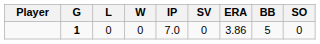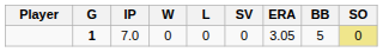 <table class="wikitable sortable">
 <tr>
 <th bgcolor="#DDDDFF" width="16%">Player</th>
 <th bgcolor="#DDDDFF" width="9%">G</th>
+<th bgcolor="#DDDDFF" width="9%">IP</th>
+<th bgcolor="#DDDDFF" width="9%">W</th>
 <th bgcolor="#DDDDFF" width="9%">L</th>
-<th bgcolor="#DDDDFF" width="9%">W</th>
-<th bgcolor="#DDDDFF" width="9%">IP</th>
 <th bgcolor="#DDDDFF" width="9%">SV</th>
 <th bgcolor="#DDDDFF" width="9%">ERA</th>
 <th bgcolor="#DDDDFF" width="9%">BB</th>
 <th bgcolor="#DDDDFF" width="9%">SO</th>
 </tr>
 <tr align="center">
 <td></td>
 <td><strong>1</strong></td>
+<td>7.0</td>
 <td>0</td>
 <td>0</td>
-<td>7.0</td>
 <td>0</td>
-<td>3.86</td>
+<td>3.05</td>
 <td>5</td>
-<td>0</td>
+<td style="background: khaki;">0</td>
 </tr>
 </table>
